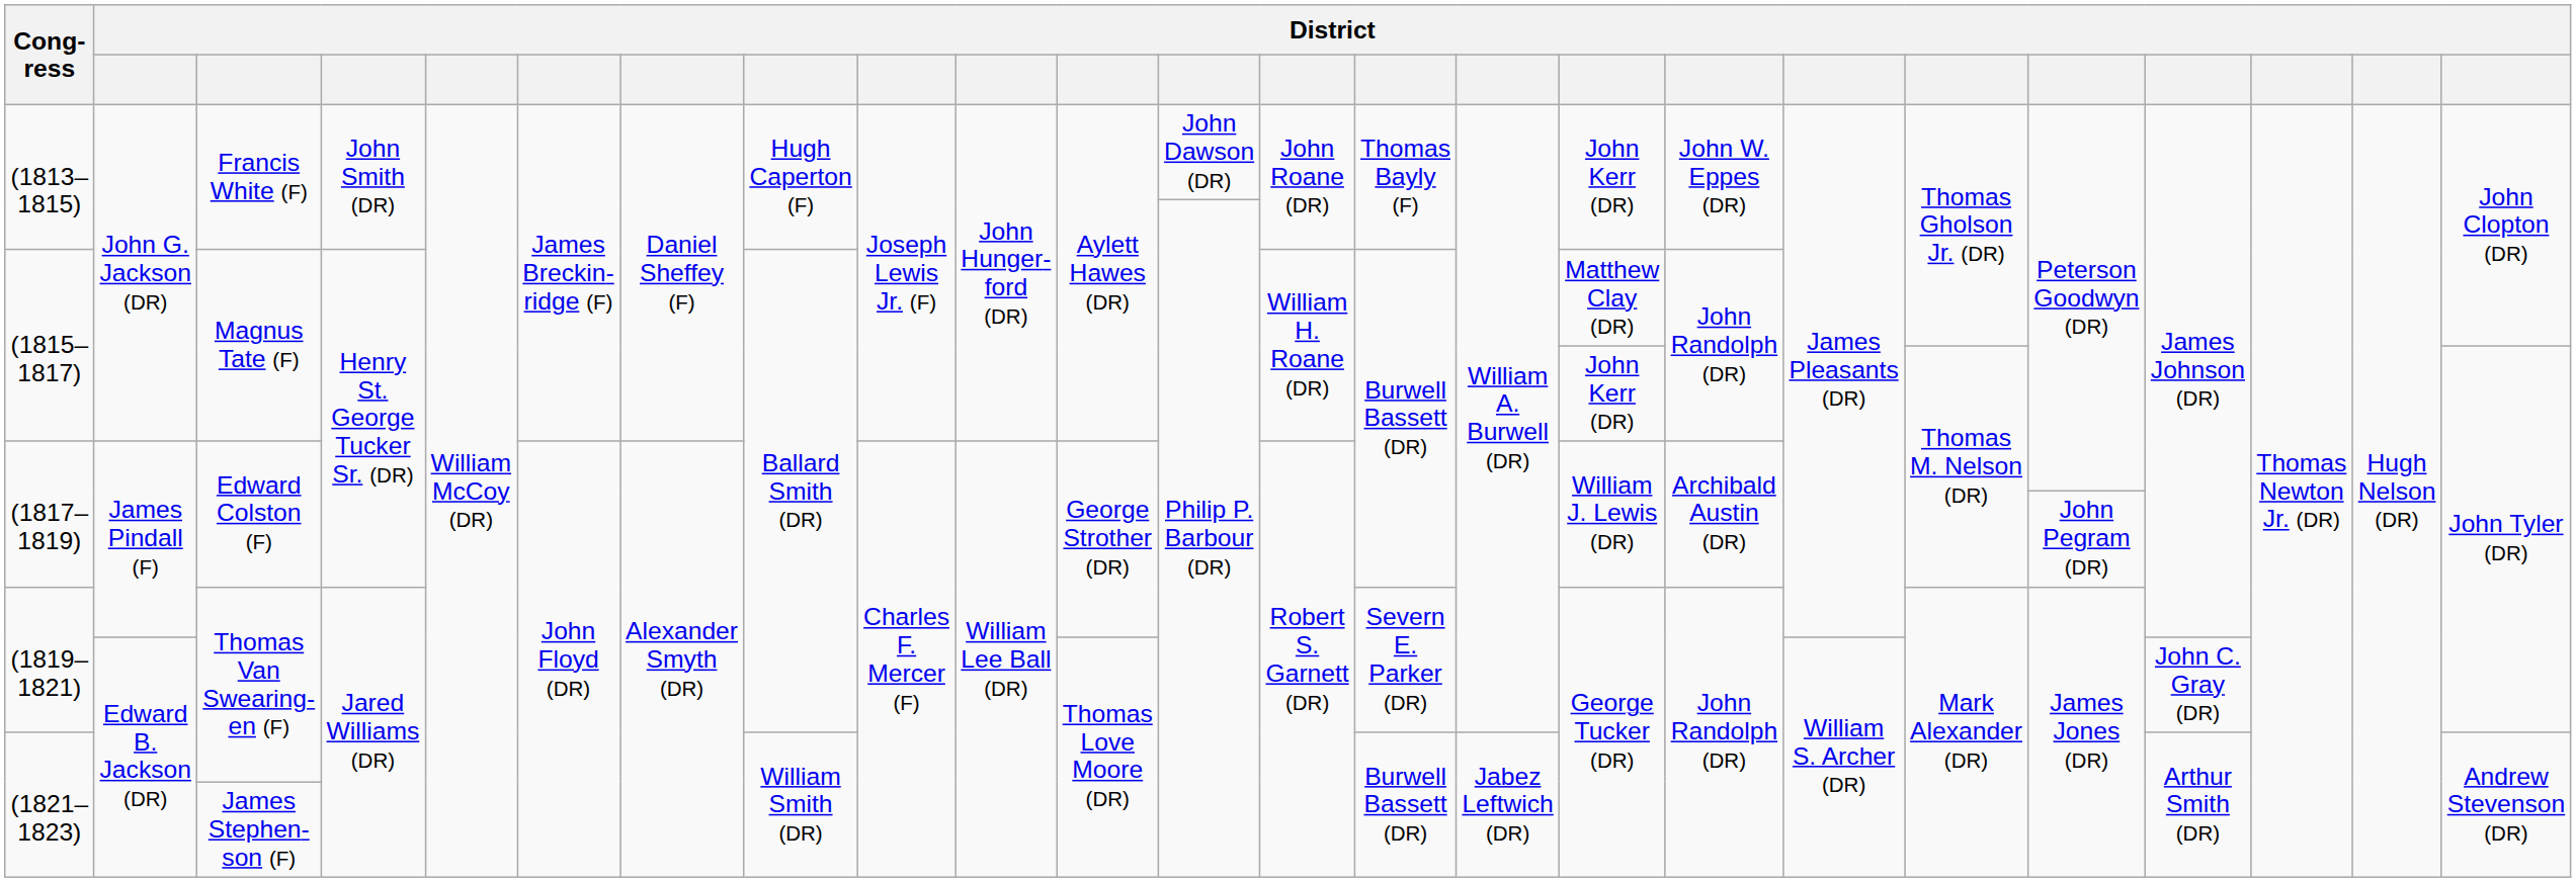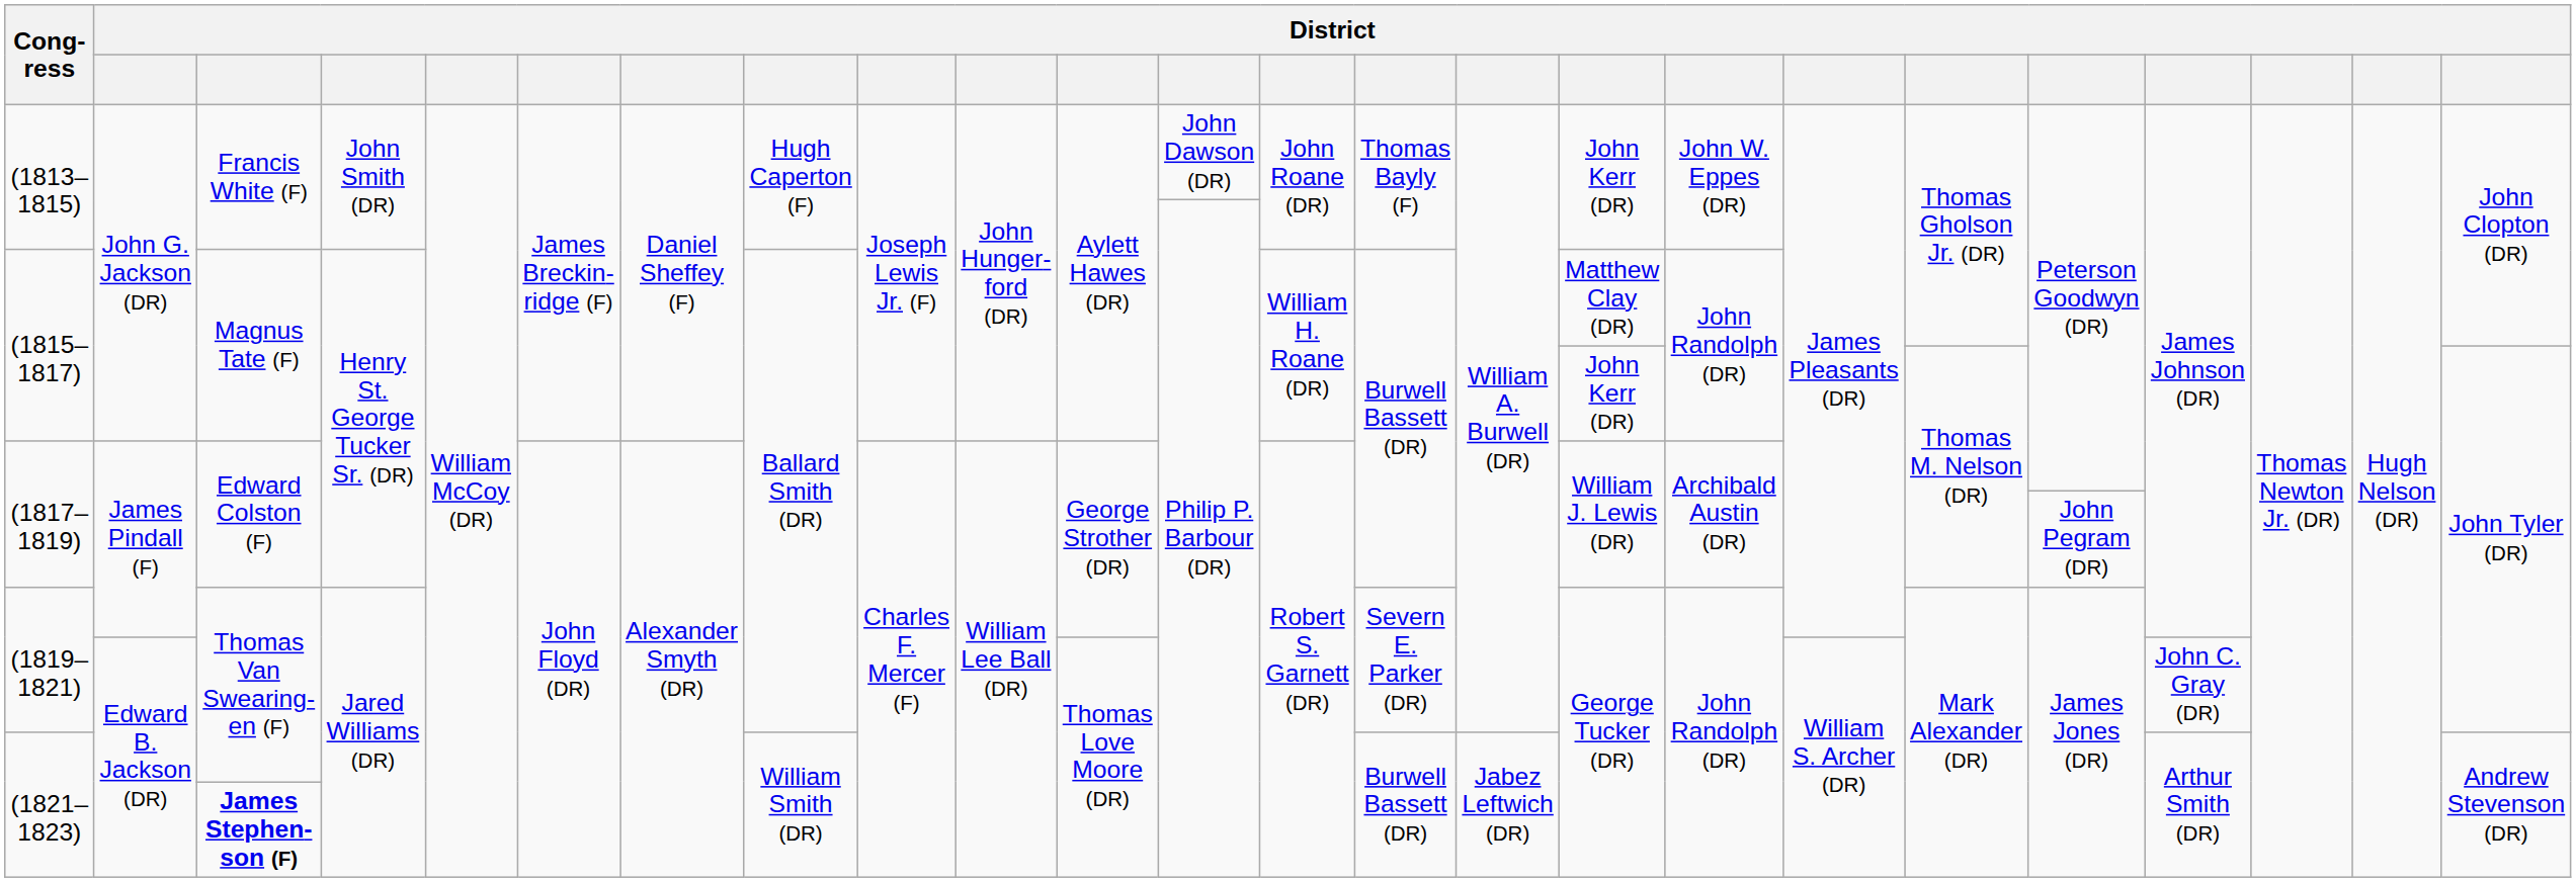 <table class=wikitable style="text-align:center">
 <tr style="height:2em">
 <th rowspan=2>Cong­ress</th>
 <th colspan=23>District</th>
 </tr>
 <tr style="height:2em">
 <th></th>
 <th></th>
 <th></th>
 <th></th>
 <th></th>
 <th></th>
 <th></th>
 <th></th>
 <th></th>
 <th></th>
 <th></th>
 <th></th>
 <th></th>
 <th></th>
 <th></th>
 <th></th>
 <th></th>
 <th></th>
 <th></th>
 <th></th>
 <th></th>
 <th></th>
 <th></th>
 </tr>
 <tr style="height:2em">
 <td rowspan=2><strong></strong><br>(1813–1815)</td>
 <td rowspan=4 ><a href='#'>John G. Jackson</a> <small>(DR)</small></td>
 <td rowspan=2 ><a href='#'>Francis White</a> <small>(F)</small></td>
 <td rowspan=2 ><a href='#'>John Smith</a> <small>(DR)</small></td>
 <td rowspan=10 ><a href='#'>William McCoy</a> <small>(DR)</small></td>
 <td rowspan=4 ><a href='#'>James Breckin­ridge</a> <small>(F)</small></td>
 <td rowspan=4 ><a href='#'>Daniel Sheffey</a> <small>(F)</small></td>
 <td rowspan=2 ><a href='#'>Hugh Caperton</a> <small>(F)</small></td>
 <td rowspan=4 ><a href='#'>Joseph Lewis Jr.</a> <small>(F)</small></td>
 <td rowspan=4 ><a href='#'>John Hunger­ford</a> <small>(DR)</small></td>
 <td rowspan=4 ><a href='#'>Aylett Hawes</a> <small>(DR)</small></td>
 <td><a href='#'>John Dawson</a> <small>(DR)</small></td>
 <td rowspan=2 ><a href='#'>John Roane</a> <small>(DR)</small></td>
 <td rowspan=2 ><a href='#'>Thomas Bayly</a> <small>(F)</small></td>
 <td rowspan=8 ><a href='#'>William A. Burwell</a> <small>(DR)</small></td>
 <td rowspan=2 ><a href='#'>John Kerr</a> <small>(DR)</small></td>
 <td rowspan=2 ><a href='#'>John W. Eppes</a> <small>(DR)</small></td>
 <td rowspan=7 ><a href='#'>James Pleasants</a> <small>(DR)</small></td>
 <td rowspan=3 ><a href='#'>Thomas Gholson Jr.</a> <small>(DR)</small></td>
 <td rowspan=5 ><a href='#'>Peterson Goodwyn</a> <small>(DR)</small></td>
 <td rowspan=7 ><a href='#'>James Johnson</a> <small>(DR)</small></td>
 <td rowspan=10 ><a href='#'>Thomas Newton Jr.</a> <small>(DR)</small></td>
 <td rowspan=10 ><a href='#'>Hugh Nelson</a> <small>(DR)</small></td>
 <td rowspan=3 ><a href='#'>John Clopton</a> <small>(DR)</small></td>
 </tr>
 <tr style="height:2em">
 <td rowspan=9 ><a href='#'>Philip P. Barbour</a> <small>(DR)</small></td>
 </tr>
 <tr style="height:2em">
 <td rowspan=2><strong></strong><br>(1815–1817)</td>
 <td rowspan=2 ><a href='#'>Magnus Tate</a> <small>(F)</small></td>
 <td rowspan=4 ><a href='#'>Henry St. George Tucker Sr.</a> <small>(DR)</small></td>
 <td rowspan=6 ><a href='#'>Ballard Smith</a> <small>(DR)</small></td>
 <td rowspan=2 ><a href='#'>William H. Roane</a> <small>(DR)</small></td>
 <td rowspan=4 ><a href='#'>Burwell Bassett</a> <small>(DR)</small></td>
 <td><a href='#'>Matthew Clay</a> <small>(DR)</small></td>
 <td rowspan=2 ><a href='#'>John Randolph</a> <small>(DR)</small></td>
 </tr>
 <tr style="height:2em">
 <td><a href='#'>John Kerr</a> <small>(DR)</small></td>
 <td rowspan=3 ><a href='#'>Thomas M. Nelson</a> <small>(DR)</small></td>
 <td rowspan=5 ><a href='#'>John Tyler</a> <small>(DR)</small></td>
 </tr>
 <tr style="height:2em">
 <td rowspan=2><strong></strong><br>(1817–1819)</td>
 <td rowspan=3 ><a href='#'>James Pindall</a> <small>(F)</small></td>
 <td rowspan=2 ><a href='#'>Edward Colston</a> <small>(F)</small></td>
 <td rowspan=6 ><a href='#'>John Floyd</a> <small>(DR)</small></td>
 <td rowspan=6 ><a href='#'>Alexander Smyth</a> <small>(DR)</small></td>
 <td rowspan=6 ><a href='#'>Charles F. Mercer</a> <small>(F)</small></td>
 <td rowspan=6 ><a href='#'>William Lee Ball</a> <small>(DR)</small></td>
 <td rowspan=3 ><a href='#'>George Strother</a> <small>(DR)</small></td>
 <td rowspan=6 ><a href='#'>Robert S. Garnett</a> <small>(DR)</small></td>
 <td rowspan=2 ><a href='#'>William J. Lewis</a> <small>(DR)</small></td>
 <td rowspan=2 ><a href='#'>Archibald Austin</a> <small>(DR)</small></td>
 </tr>
 <tr style="height:2em">
 <td><a href='#'>John Pegram</a> <small>(DR)</small></td>
 </tr>
 <tr style="height:2em">
 <td rowspan=2><strong></strong><br>(1819–1821)</td>
 <td rowspan=3 ><a href='#'>Thomas Van Swearing­en</a> <small>(F)</small></td>
 <td rowspan=4 ><a href='#'>Jared Williams</a> <small>(DR)</small></td>
 <td rowspan=2 ><a href='#'>Severn E. Parker</a> <small>(DR)</small></td>
 <td rowspan=4 ><a href='#'>George Tucker</a> <small>(DR)</small></td>
 <td rowspan=4 ><a href='#'>John Randolph</a> <small>(DR)</small></td>
 <td rowspan=4 ><a href='#'>Mark Alexander</a> <small>(DR)</small></td>
 <td rowspan=4 ><a href='#'>James Jones</a> <small>(DR)</small></td>
 </tr>
 <tr style="height:2em">
 <td rowspan=3 ><a href='#'>Edward B. Jackson</a> <small>(DR)</small></td>
 <td rowspan=3 ><a href='#'>Thomas Love Moore</a> <small>(DR)</small></td>
 <td rowspan=3 ><a href='#'>William S. Archer</a> <small>(DR)</small></td>
 <td><a href='#'>John C. Gray</a> <small>(DR)</small></td>
 </tr>
 <tr style="height:2em">
 <td rowspan=2><strong></strong><br>(1821–1823)</td>
 <td rowspan=2 ><a href='#'>William Smith</a> <small>(DR)</small></td>
 <td rowspan=2 ><a href='#'>Burwell Bassett</a> <small>(DR)</small></td>
 <td rowspan=2 ><a href='#'>Jabez Leftwich</a> <small>(DR)</small></td>
 <td rowspan=2 ><a href='#'>Arthur Smith</a> <small>(DR)</small></td>
 <td rowspan=2 ><a href='#'>Andrew Stevenson</a> <small>(DR)</small></td>
 </tr>
 <tr style="height:2em">
-<td><a href='#'>James Stephen­son</a> <small>(F)</small></td>
+<td><strong><a href='#'>James Stephen­son</a> <small>(F)</small></strong></td>
 </tr>
 </table>
